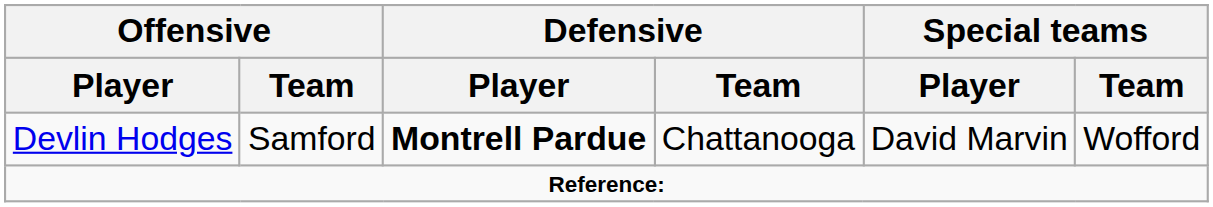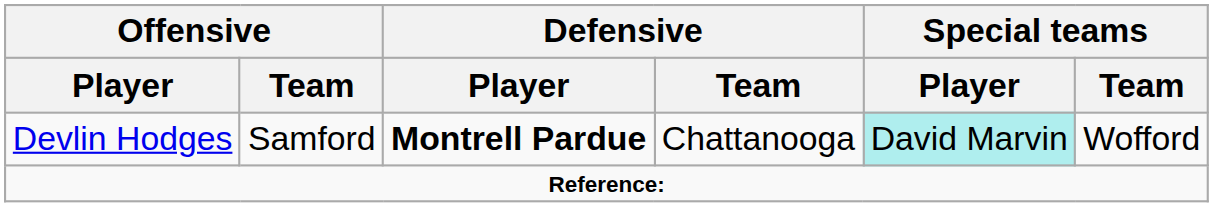 <table class="wikitable" border="1">
 <tr>
 <th colspan="2">Offensive</th>
 <th colspan="2">Defensive</th>
 <th colspan="2">Special teams</th>
 </tr>
 <tr>
 <th>Player</th>
 <th>Team</th>
 <th>Player</th>
 <th>Team</th>
 <th>Player</th>
 <th>Team</th>
 </tr>
 <tr>
 <td><a href='#'>Devlin Hodges</a></td>
 <td>Samford</td>
 <td><strong>Montrell Pardue</strong></td>
 <td>Chattanooga</td>
-<td>David Marvin</td>
+<td style="background: paleturquoise;">David Marvin</td>
 <td>Wofford</td>
 </tr>
 <tr>
 <td colspan="8" style="font-size: 8pt" align="center"><strong>Reference: </strong></td>
 </tr>
 </table>
